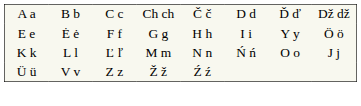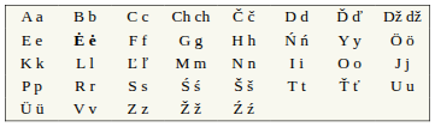 <table style="font-family:Arial Unicode MS; font-size:1.4em; border-color:#000000; border-width:1px; border-style:solid; border-collapse:collapse; background-color:#F8F8EF">
 <tr>
 <td style="width:3em; text-align:center; padding: 3px;">A a</td>
 <td style="width:3em; text-align:center; padding: 3px;">B b</td>
 <td style="width:3em; text-align:center; padding: 3px;">C c</td>
 <td style="width:3em; text-align:center; padding: 3px;">Ch ch</td>
 <td style="width:3em; text-align:center; padding: 3px;">Č č</td>
 <td style="width:3em; text-align:center; padding: 3px;">D d</td>
 <td style="width:3em; text-align:center; padding: 3px;">Ď ď</td>
 <td style="width:3em; text-align:center; padding: 3px;">Dž dž</td>
 </tr>
 <tr>
 <td style="width:3em; text-align:center; padding: 3px;">E e</td>
-<td style="width:3em; text-align:center; padding: 3px;">Ė ė</td>
+<td style="width:3em; text-align:center; padding: 3px;"><strong>Ė ė</strong></td>
 <td style="width:3em; text-align:center; padding: 3px;">F f</td>
 <td style="width:3em; text-align:center; padding: 3px;">G g</td>
 <td style="width:3em; text-align:center; padding: 3px;">H h</td>
-<td style="width:3em; text-align:center; padding: 3px;">I i</td>
+<td style="width:3em; text-align:center; padding: 3px;">Ń ń</td>
 <td style="width:3em; text-align:center; padding: 3px;">Y y</td>
 <td style="width:3em; text-align:center; padding: 3px;">Ö ö</td>
 </tr>
 <tr>
 <td style="width:3em; text-align:center; padding: 3px;">K k</td>
 <td style="width:3em; text-align:center; padding: 3px;">L l</td>
 <td style="width:3em; text-align:center; padding: 3px;">Ľ ľ</td>
 <td style="width:3em; text-align:center; padding: 3px;">M m</td>
 <td style="width:3em; text-align:center; padding: 3px;">N n</td>
-<td style="width:3em; text-align:center; padding: 3px;">Ń ń</td>
+<td style="width:3em; text-align:center; padding: 3px;">I i</td>
 <td style="width:3em; text-align:center; padding: 3px;">O o</td>
 <td style="width:3em; text-align:center; padding: 3px;">J j</td>
+</tr>
+<tr>
+<td style="width:3em; text-align:center; padding: 3px;">P p</td>
+<td style="width:3em; text-align:center; padding: 3px;">R r</td>
+<td style="width:3em; text-align:center; padding: 3px;">S s</td>
+<td style="width:3em; text-align:center; padding: 3px;">Ś ś</td>
+<td style="width:3em; text-align:center; padding: 3px;">Š š</td>
+<td style="width:3em; text-align:center; padding: 3px;">T t</td>
+<td style="width:3em; text-align:center; padding: 3px;">Ť ť</td>
+<td style="width:3em; text-align:center; padding: 3px;">U u</td>
 </tr>
 <tr>
 <td style="width:3em; text-align:center; padding: 3px;">Ü ü</td>
 <td style="width:3em; text-align:center; padding: 3px;">V v</td>
 <td style="width:3em; text-align:center; padding: 3px;">Z z</td>
 <td style="width:3em; text-align:center; padding: 3px;">Ž ž</td>
 <td style="width:3em; text-align:center; padding: 3px;">Ź ź</td>
 <td></td>
 <td></td>
 <td></td>
 </tr>
 </table>
